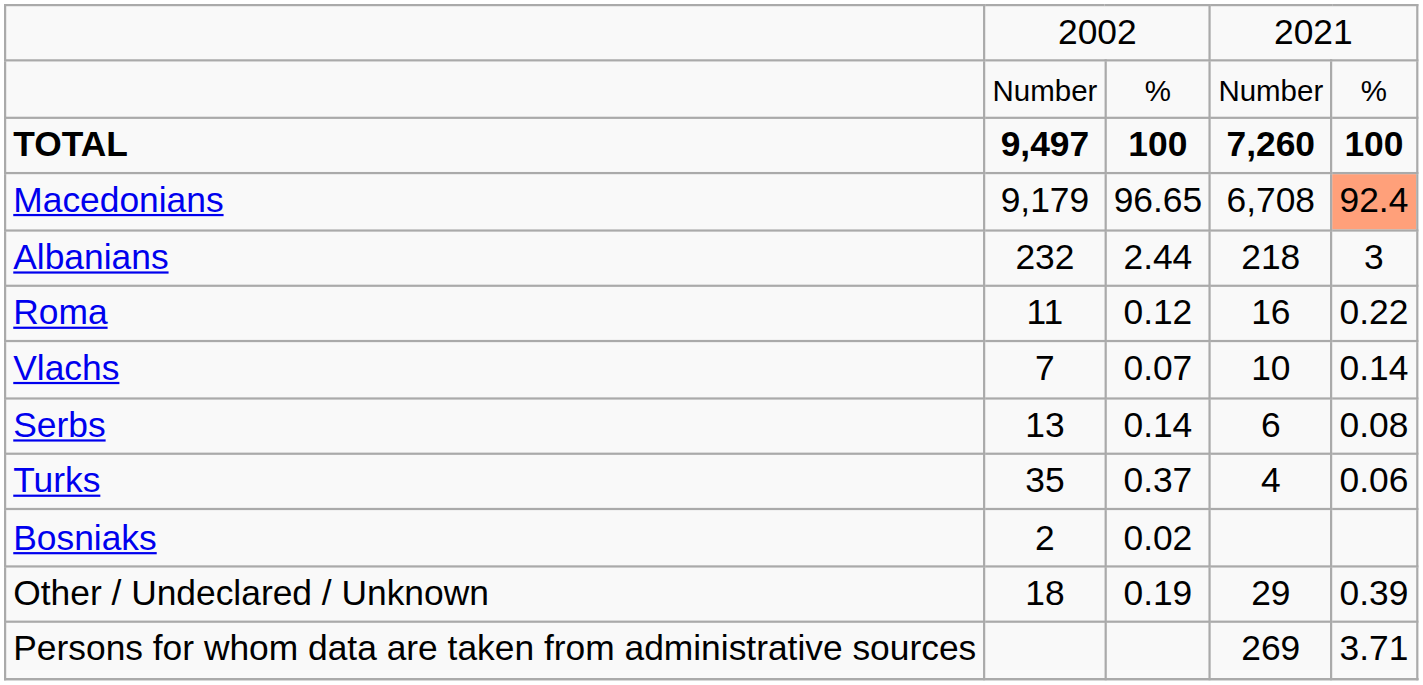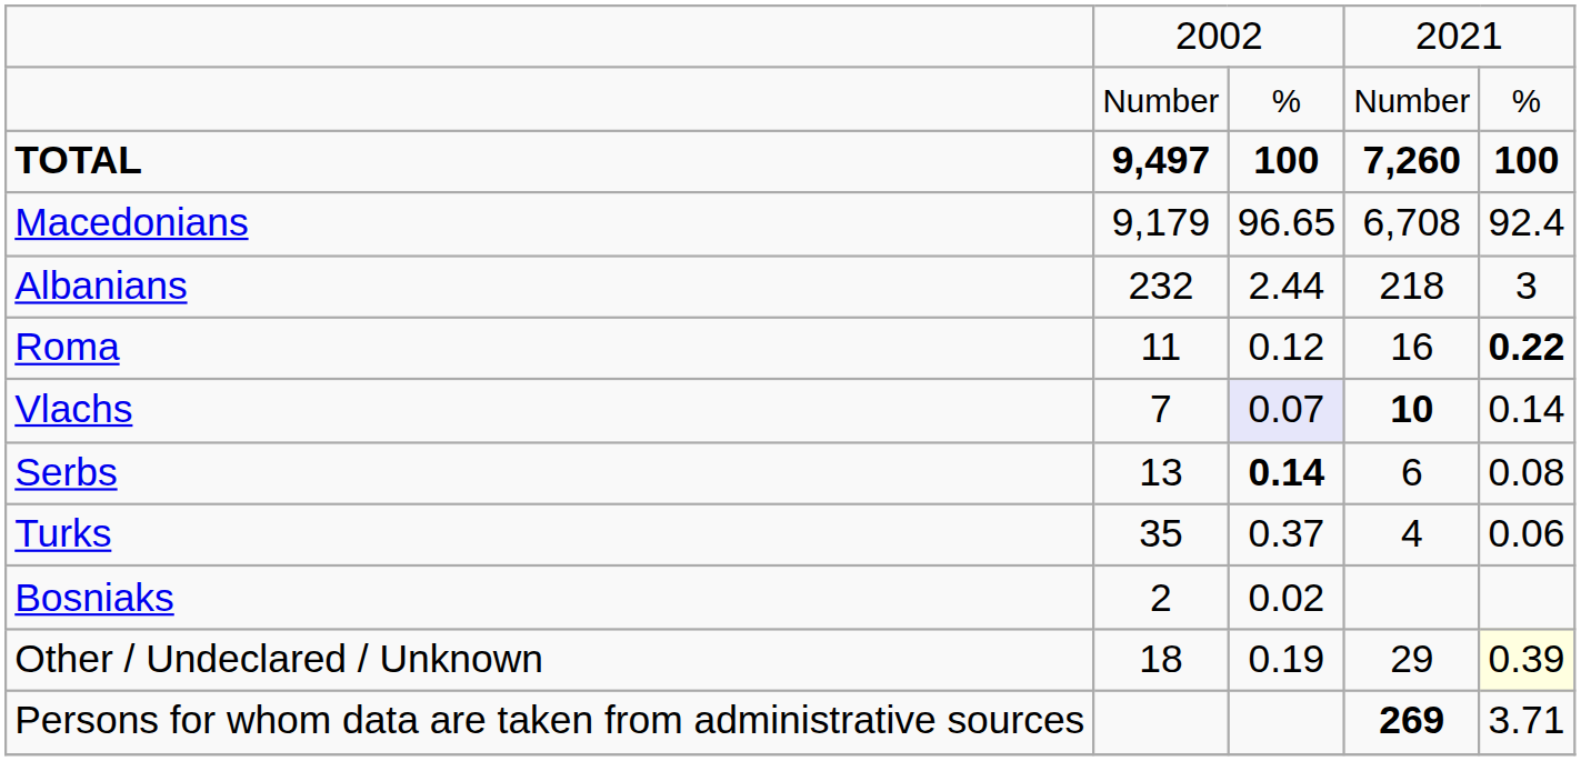 <table class="wikitable">
 <tr>
 <td></td>
 <td colspan="2" align="center">2002</td>
 <td colspan="2" align="center">2021</td>
 </tr>
 <tr>
 <td></td>
 <td align="center"><small>Number</small></td>
 <td align="center"><small>%</small></td>
 <td align="center"><small>Number</small></td>
 <td align="center"><small>%</small></td>
 </tr>
 <tr>
 <td><strong>TOTAL</strong></td>
 <td align="center"><strong>9,497</strong></td>
 <td align="center"><strong>100</strong></td>
 <td align="center"><strong>7,260</strong></td>
 <td align="center"><strong>100</strong></td>
 </tr>
 <tr>
 <td><a href='#'>Macedonians</a></td>
 <td align="center">9,179</td>
 <td align="center">96.65</td>
 <td align="center">6,708</td>
-<td align="center" style="background: lightsalmon;">92.4</td>
+<td align="center">92.4</td>
 </tr>
 <tr>
 <td><a href='#'>Albanians</a></td>
 <td align="center">232</td>
 <td align="center">2.44</td>
 <td align="center">218</td>
 <td align="center">3</td>
 </tr>
 <tr>
 <td><a href='#'>Roma</a></td>
 <td align="center">11</td>
 <td align="center">0.12</td>
 <td align="center">16</td>
-<td align="center">0.22</td>
+<td align="center"><strong>0.22</strong></td>
 </tr>
 <tr>
 <td><a href='#'>Vlachs</a></td>
 <td align="center">7</td>
-<td align="center">0.07</td>
-<td align="center">10</td>
+<td align="center" style="background: lavender;">0.07</td>
+<td align="center"><strong>10</strong></td>
 <td align="center">0.14</td>
 </tr>
 <tr>
 <td><a href='#'>Serbs</a></td>
 <td align="center">13</td>
-<td align="center">0.14</td>
+<td align="center"><strong>0.14</strong></td>
 <td align="center">6</td>
 <td align="center">0.08</td>
 </tr>
 <tr>
 <td><a href='#'>Turks</a></td>
 <td align="center">35</td>
 <td align="center">0.37</td>
 <td align="center">4</td>
 <td align="center">0.06</td>
 </tr>
 <tr>
 <td><a href='#'>Bosniaks</a></td>
 <td align="center">2</td>
 <td align="center">0.02</td>
 <td align="center"></td>
 <td align="center"></td>
 </tr>
 <tr>
 <td>Other / Undeclared / Unknown</td>
 <td align="center">18</td>
 <td align="center">0.19</td>
 <td align="center">29</td>
-<td align="center">0.39</td>
+<td align="center" style="background: lightyellow;">0.39</td>
 </tr>
 <tr>
 <td>Persons for whom data are taken from administrative sources</td>
 <td align="center"></td>
 <td align="center"></td>
-<td align="center">269</td>
+<td align="center"><strong>269</strong></td>
 <td align="center">3.71</td>
 </tr>
 <tr>
 </tr>
 </table>
